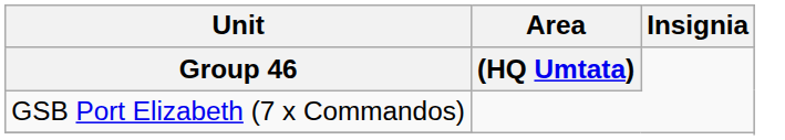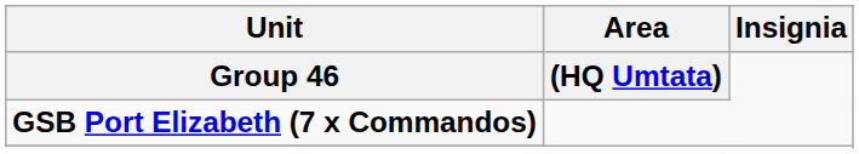 <table class="wikitable">
 <tr>
 <th>Unit</th>
 <th>Area</th>
 <th>Insignia</th>
 </tr>
 <tr>
 <th>Group 46</th>
 <th>(HQ <a href='#'>Umtata</a>)</th>
 </tr>
 <tr>
-<td>GSB <a href='#'>Port Elizabeth</a> (7 x Commandos)</td>
+<td><strong>GSB <a href='#'>Port Elizabeth</a> (7 x Commandos)</strong></td>
 </tr>
 <tr>
 </tr>
 </table>
